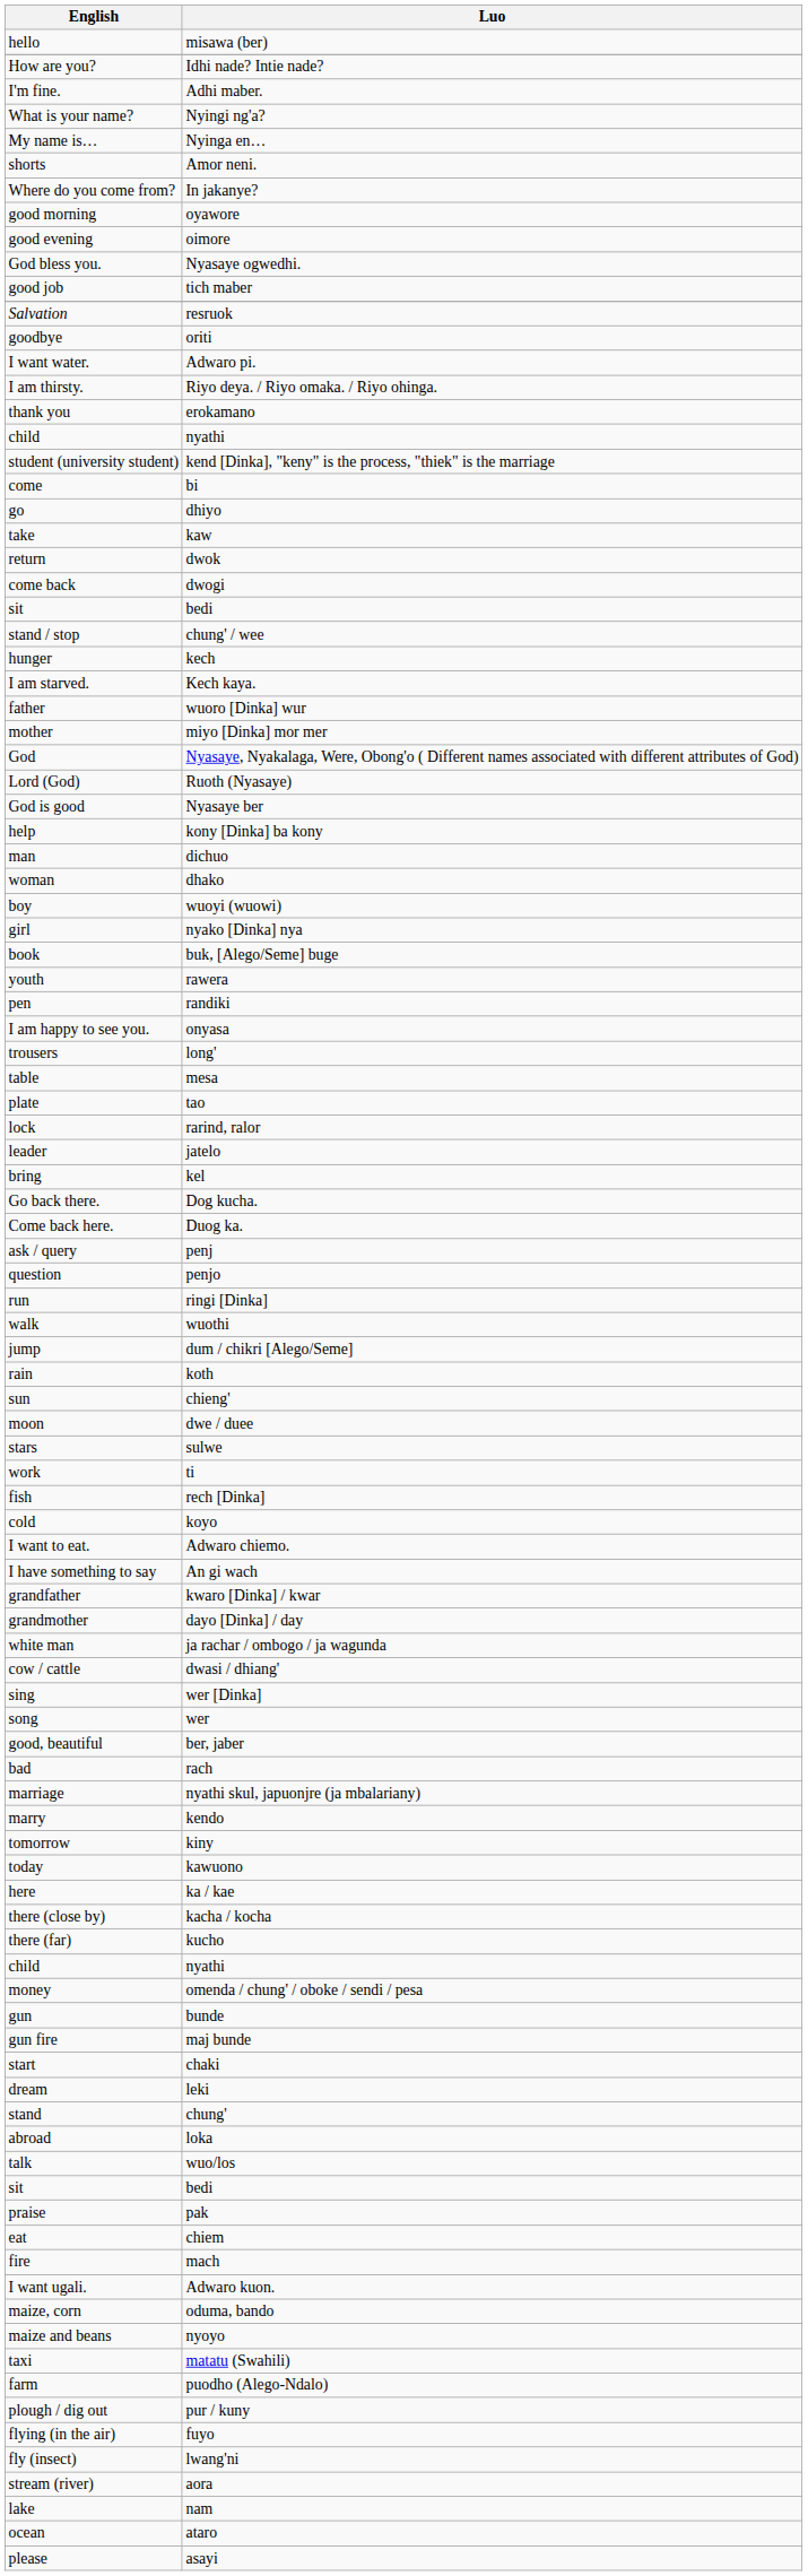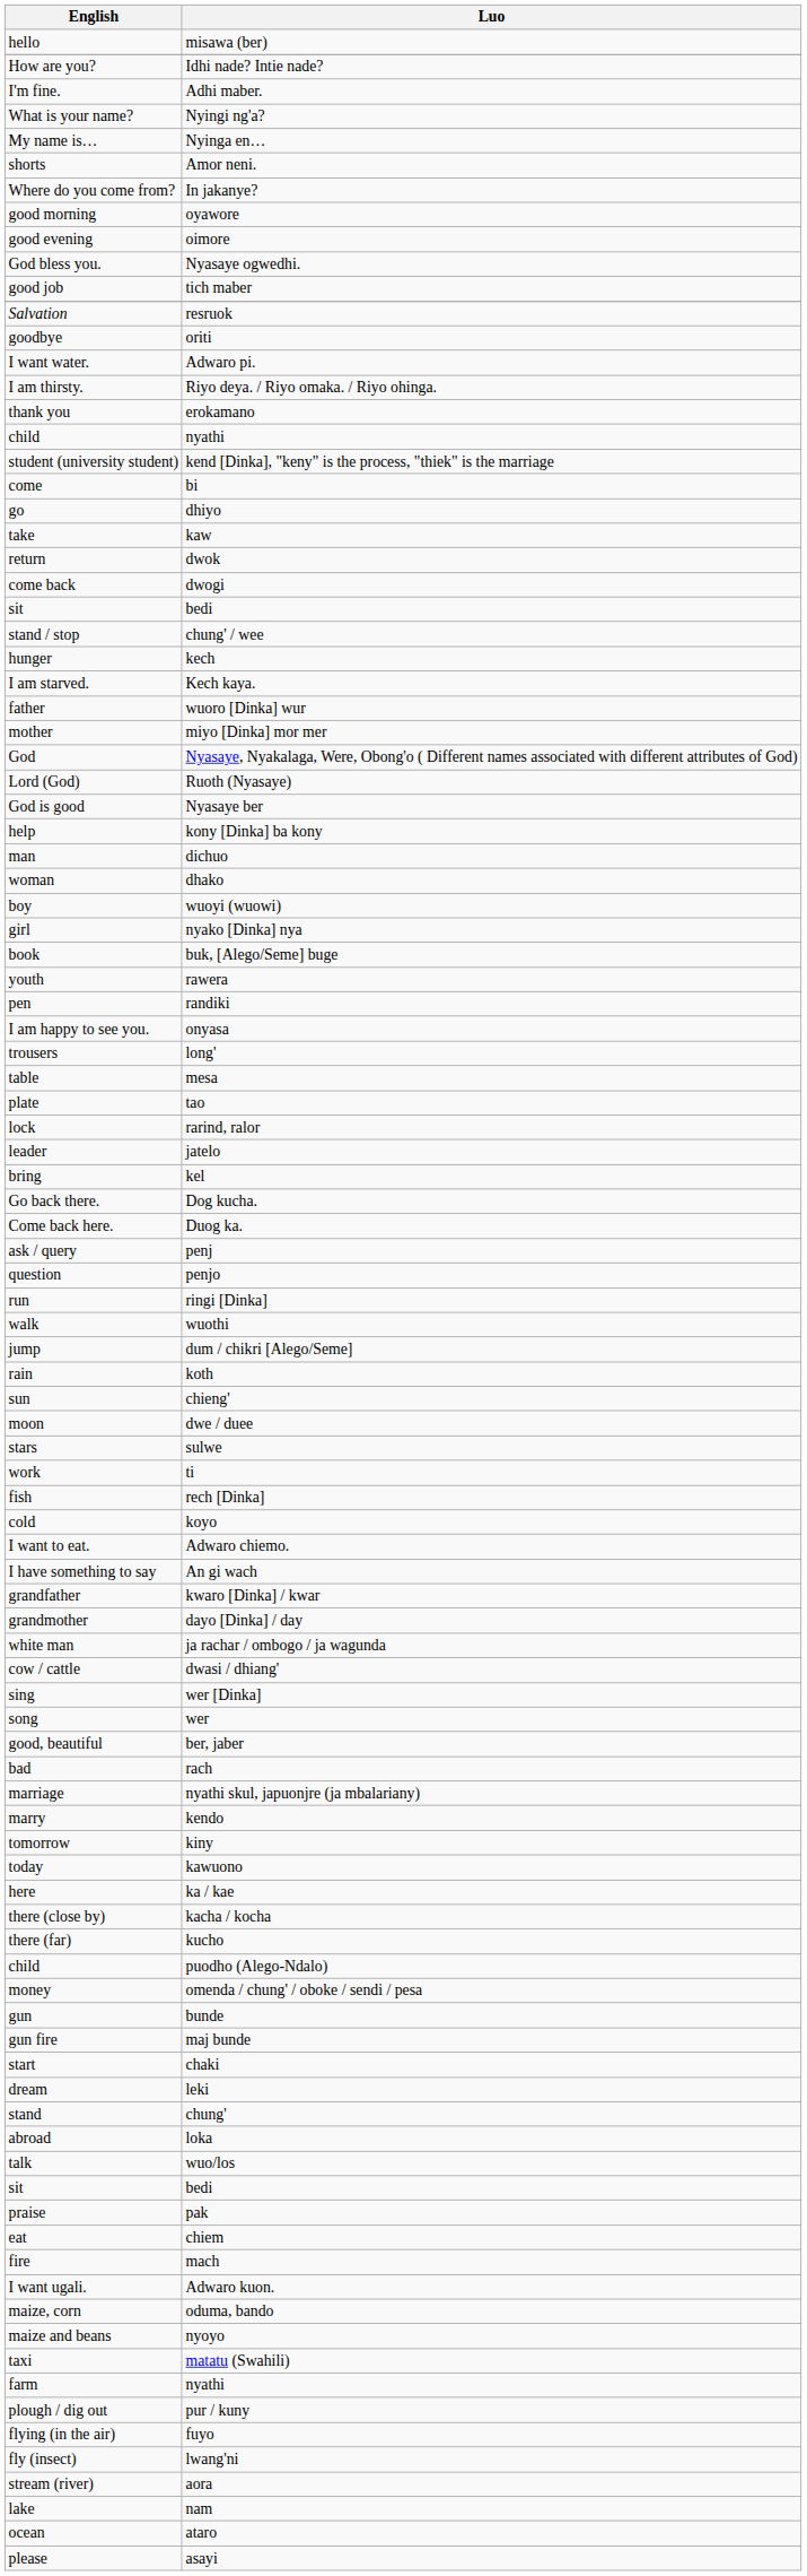 <table class="wikitable">
 <tr>
 <th>English</th>
 <th>Luo</th>
 </tr>
 <tr>
 <td>hello</td>
 <td>misawa (ber)</td>
 </tr>
 <tr>
 </tr>
 <tr>
 <td>How are you?</td>
 <td>Idhi nade? Intie nade?</td>
 </tr>
 <tr>
 <td>I'm fine.</td>
 <td>Adhi maber.</td>
 </tr>
 <tr>
 <td>What is your name?</td>
 <td>Nyingi ng'a?</td>
 </tr>
 <tr>
 <td>My name is…</td>
 <td>Nyinga en…</td>
 </tr>
 <tr>
 <td>shorts</td>
 <td>Amor neni.</td>
 </tr>
 <tr>
 <td>Where do you come from?</td>
 <td>In jakanye?</td>
 </tr>
 <tr>
 <td>good morning</td>
 <td>oyawore</td>
 </tr>
 <tr>
 <td>good evening</td>
 <td>oimore</td>
 </tr>
 <tr>
 <td>God bless you.</td>
 <td>Nyasaye ogwedhi.</td>
 </tr>
 <tr>
 <td>good job</td>
 <td>tich maber</td>
 </tr>
 <tr>
 </tr>
 <tr>
 <td><em>Salvation</em></td>
 <td>resruok</td>
 </tr>
 <tr>
 <td>goodbye</td>
 <td>oriti</td>
 </tr>
 <tr>
 <td>I want water.</td>
 <td>Adwaro pi.</td>
 </tr>
 <tr>
 <td>I am thirsty.</td>
 <td>Riyo deya. / Riyo omaka. / Riyo ohinga.</td>
 </tr>
 <tr>
 <td>thank you</td>
 <td>erokamano</td>
 </tr>
 <tr>
 <td>child</td>
 <td>nyathi</td>
 </tr>
 <tr>
 <td>student (university student)</td>
 <td>kend [Dinka], "keny" is the process, "thiek" is the marriage</td>
 </tr>
 <tr>
 <td>come</td>
 <td>bi</td>
 </tr>
 <tr>
 <td>go</td>
 <td>dhiyo</td>
 </tr>
 <tr>
 <td>take</td>
 <td>kaw</td>
 </tr>
 <tr>
 <td>return</td>
 <td>dwok</td>
 </tr>
 <tr>
 <td>come back</td>
 <td>dwogi</td>
 </tr>
 <tr>
 <td>sit</td>
 <td>bedi</td>
 </tr>
 <tr>
 <td>stand / stop</td>
 <td>chung' / wee</td>
 </tr>
 <tr>
 <td>hunger</td>
 <td>kech</td>
 </tr>
 <tr>
 <td>I am starved.</td>
 <td>Kech kaya.</td>
 </tr>
 <tr>
 <td>father</td>
 <td>wuoro [Dinka] wur</td>
 </tr>
 <tr>
 <td>mother</td>
 <td>miyo [Dinka] mor mer</td>
 </tr>
 <tr>
 <td>God</td>
 <td><a href='#'>Nyasaye</a>, Nyakalaga, Were, Obong'o ( Different names associated with different attributes of God)</td>
 </tr>
 <tr>
 <td>Lord (God)</td>
 <td>Ruoth (Nyasaye)</td>
 </tr>
 <tr>
 <td>God is good</td>
 <td>Nyasaye ber</td>
 </tr>
 <tr>
 <td>help</td>
 <td>kony [Dinka] ba kony</td>
 </tr>
 <tr>
 <td>man</td>
 <td>dichuo</td>
 </tr>
 <tr>
 <td>woman</td>
 <td>dhako</td>
 </tr>
 <tr>
 <td>boy</td>
 <td>wuoyi (wuowi)</td>
 </tr>
 <tr>
 <td>girl</td>
 <td>nyako [Dinka] nya</td>
 </tr>
 <tr>
 <td>book</td>
 <td>buk, [Alego/Seme] buge</td>
 </tr>
 <tr>
 <td>youth</td>
 <td>rawera</td>
 </tr>
 <tr>
 <td>pen</td>
 <td>randiki</td>
 </tr>
 <tr>
 <td>I am happy to see you.</td>
 <td>onyasa</td>
 </tr>
 <tr>
 <td>trousers</td>
 <td>long'</td>
 </tr>
 <tr>
 <td>table</td>
 <td>mesa</td>
 </tr>
 <tr>
 <td>plate</td>
 <td>tao</td>
 </tr>
 <tr>
 <td>lock</td>
 <td>rarind, ralor</td>
 </tr>
 <tr>
 <td>leader</td>
 <td>jatelo</td>
 </tr>
 <tr>
 <td>bring</td>
 <td>kel</td>
 </tr>
 <tr>
 <td>Go back there.</td>
 <td>Dog kucha.</td>
 </tr>
 <tr>
 <td>Come back here.</td>
 <td>Duog ka.</td>
 </tr>
 <tr>
 <td>ask / query</td>
 <td>penj</td>
 </tr>
 <tr>
 <td>question</td>
 <td>penjo</td>
 </tr>
 <tr>
 <td>run</td>
 <td>ringi [Dinka]</td>
 </tr>
 <tr>
 <td>walk</td>
 <td>wuothi</td>
 </tr>
 <tr>
 <td>jump</td>
 <td>dum / chikri [Alego/Seme]</td>
 </tr>
 <tr>
 <td>rain</td>
 <td>koth</td>
 </tr>
 <tr>
 <td>sun</td>
 <td>chieng'</td>
 </tr>
 <tr>
 <td>moon</td>
 <td>dwe / duee</td>
 </tr>
 <tr>
 <td>stars</td>
 <td>sulwe</td>
 </tr>
 <tr>
 <td>work</td>
 <td>ti</td>
 </tr>
 <tr>
 <td>fish</td>
 <td>rech [Dinka]</td>
 </tr>
 <tr>
 <td>cold</td>
 <td>koyo</td>
 </tr>
 <tr>
 <td>I want to eat.</td>
 <td>Adwaro chiemo.</td>
 </tr>
 <tr>
 <td>I have something to say</td>
 <td>An gi wach</td>
 </tr>
 <tr>
 <td>grandfather</td>
 <td>kwaro [Dinka] / kwar</td>
 </tr>
 <tr>
 <td>grandmother</td>
 <td>dayo [Dinka] / day</td>
 </tr>
 <tr>
 <td>white man</td>
 <td>ja rachar / ombogo / ja wagunda</td>
 </tr>
 <tr>
 <td>cow / cattle</td>
 <td>dwasi / dhiang'</td>
 </tr>
 <tr>
 <td>sing</td>
 <td>wer [Dinka]</td>
 </tr>
 <tr>
 <td>song</td>
 <td>wer</td>
 </tr>
 <tr>
 <td>good, beautiful</td>
 <td>ber, jaber</td>
 </tr>
 <tr>
 <td>bad</td>
 <td>rach</td>
 </tr>
 <tr>
 <td>marriage</td>
 <td>nyathi skul, japuonjre (ja mbalariany)</td>
 </tr>
 <tr>
 <td>marry</td>
 <td>kendo</td>
 </tr>
 <tr>
 <td>tomorrow</td>
 <td>kiny</td>
 </tr>
 <tr>
 <td>today</td>
 <td>kawuono</td>
 </tr>
 <tr>
 <td>here</td>
 <td>ka / kae</td>
 </tr>
 <tr>
 <td>there (close by)</td>
 <td>kacha / kocha</td>
 </tr>
 <tr>
 <td>there (far)</td>
 <td>kucho</td>
 </tr>
 <tr>
 <td>child</td>
-<td>nyathi</td>
+<td>puodho (Alego-Ndalo)</td>
 </tr>
 <tr>
 <td>money</td>
 <td>omenda / chung' / oboke / sendi / pesa</td>
 </tr>
 <tr>
 <td>gun</td>
 <td>bunde</td>
 </tr>
 <tr>
 <td>gun fire</td>
 <td>maj bunde</td>
 </tr>
 <tr>
 <td>start</td>
 <td>chaki</td>
 </tr>
 <tr>
 <td>dream</td>
 <td>leki</td>
 </tr>
 <tr>
 <td>stand</td>
 <td>chung'</td>
 </tr>
 <tr>
 <td>abroad</td>
 <td>loka</td>
 </tr>
 <tr>
 <td>talk</td>
 <td>wuo/los</td>
 </tr>
 <tr>
 <td>sit</td>
 <td>bedi</td>
 </tr>
 <tr>
 <td>praise</td>
 <td>pak</td>
 </tr>
 <tr>
 <td>eat</td>
 <td>chiem</td>
 </tr>
 <tr>
 <td>fire</td>
 <td>mach</td>
 </tr>
 <tr>
 <td>I want ugali.</td>
 <td>Adwaro kuon.</td>
 </tr>
 <tr>
 <td>maize, corn</td>
 <td>oduma, bando</td>
 </tr>
 <tr>
 <td>maize and beans</td>
 <td>nyoyo</td>
 </tr>
 <tr>
 <td>taxi</td>
 <td><a href='#'>matatu</a> (Swahili)</td>
 </tr>
 <tr>
 <td>farm</td>
-<td>puodho (Alego-Ndalo)</td>
+<td>nyathi</td>
 </tr>
 <tr>
 <td>plough / dig out</td>
 <td>pur / kuny</td>
 </tr>
 <tr>
 <td>flying (in the air)</td>
 <td>fuyo</td>
 </tr>
 <tr>
 <td>fly (insect)</td>
 <td>lwang'ni</td>
 </tr>
 <tr>
 <td>stream (river)</td>
 <td>aora</td>
 </tr>
 <tr>
 <td>lake</td>
 <td>nam</td>
 </tr>
 <tr>
 <td>ocean</td>
 <td>ataro</td>
 </tr>
 <tr>
 <td>please</td>
 <td>asayi</td>
 </tr>
 </table>
